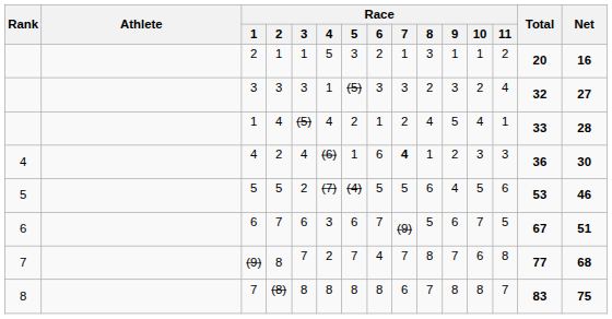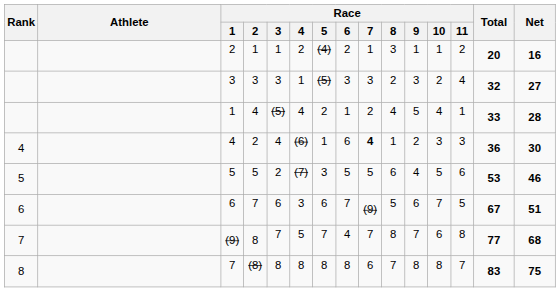 <table | class="wikitable" style="text-align:center">
 <tr>
 <th rowspan="2" width=40>Rank</th>
 <th rowspan="2" width=250>Athlete</th>
 <th colspan="11">Race</th>
 <th rowspan="2" width=50>Total</th>
 <th rowspan="2" width=50>Net</th>
 </tr>
 <tr>
 <th width=25>1</th>
 <th width=25>2</th>
 <th width=25>3</th>
 <th width=25>4</th>
 <th width=25>5</th>
 <th width=25>6</th>
 <th width=25>7</th>
 <th width=25>8</th>
 <th width=25>9</th>
 <th width=25>10</th>
 <th width=25>11</th>
 </tr>
 <tr>
 <td></td>
 <td align=left></td>
 <td>2<br> </td>
 <td>1<br> </td>
 <td>1<br> </td>
-<td>5<br> </td>
-<td>3<br> </td>
+<td>2<br> </td>
+<td><s>(4)</s><br> </td>
 <td>2<br> </td>
 <td>1<br> </td>
 <td>3<br> </td>
 <td>1<br> </td>
 <td>1<br> </td>
 <td>2<br> </td>
 <td><strong>20</strong></td>
 <td><strong>16</strong></td>
 </tr>
 <tr>
 <td></td>
 <td align="left"></td>
 <td>3<br> </td>
 <td>3<br> </td>
 <td>3<br> </td>
 <td>1<br> </td>
 <td><s>(5)</s><br> </td>
 <td>3<br> </td>
 <td>3<br> </td>
 <td>2 <br> </td>
 <td>3<br> </td>
 <td>2<br> </td>
 <td>4<br> </td>
 <td><strong>32</strong></td>
 <td><strong>27</strong></td>
 </tr>
 <tr>
 <td></td>
 <td align="left"></td>
 <td>1<br> </td>
 <td>4<br> </td>
 <td><s>(5)</s><br> </td>
 <td>4<br> </td>
 <td>2<br> </td>
 <td>1<br> </td>
 <td>2<br> </td>
 <td>4<br> </td>
 <td>5<br> </td>
 <td>4<br> </td>
 <td>1<br> </td>
 <td><strong>33</strong></td>
 <td><strong>28</strong></td>
 </tr>
 <tr>
 <td>4</td>
 <td align="left"></td>
 <td>4<br> </td>
 <td>2<br> </td>
 <td>4<br> </td>
 <td><s>(6)</s><br> </td>
 <td>1<br> </td>
 <td>6<br> </td>
 <td><strong>4<br> </strong></td>
 <td>1<br> </td>
 <td>2<br> </td>
 <td>3<br> </td>
 <td>3<br> </td>
 <td><strong>36</strong></td>
 <td><strong>30</strong></td>
 </tr>
 <tr>
 <td>5</td>
 <td align=left></td>
 <td>5<br> </td>
 <td>5<br> </td>
 <td>2<br> </td>
 <td><s>(7)</s><br> </td>
-<td><s>(4)</s><br> </td>
+<td>3<br> </td>
 <td>5<br> </td>
 <td>5<br> </td>
 <td>6<br> </td>
 <td>4<br> </td>
 <td>5<br> </td>
 <td>6<br> </td>
 <td><strong>53</strong></td>
 <td><strong>46</strong></td>
 </tr>
 <tr>
 <td>6</td>
 <td align=left></td>
 <td>6<br> </td>
 <td>7<br> </td>
 <td>6<br> </td>
 <td>3<br> </td>
 <td>6<br> </td>
 <td>7<br> </td>
 <td><s>(9)</s><br></td>
 <td>5<br> </td>
 <td>6<br> </td>
 <td>7<br> </td>
 <td>5<br> </td>
 <td><strong>67</strong></td>
 <td><strong>51</strong></td>
 </tr>
 <tr>
 <td>7</td>
 <td align=left></td>
 <td><s>(9)</s><br></td>
 <td>8<br></td>
 <td>7<br> </td>
-<td>2<br> </td>
+<td>5<br> </td>
 <td>7<br> </td>
 <td>4<br> </td>
 <td>7<br> </td>
 <td>8<br> </td>
 <td>7<br> </td>
 <td>6<br> </td>
 <td>8<br> </td>
 <td><strong>77</strong></td>
 <td><strong>68</strong></td>
 </tr>
 <tr>
 <td>8</td>
 <td align=left></td>
 <td>7<br> </td>
 <td><s>(8)</s><br> </td>
 <td>8<br> </td>
 <td>8<br> </td>
 <td>8<br> </td>
 <td>8<br> </td>
 <td>6<br> </td>
 <td>7<br> </td>
 <td>8<br> </td>
 <td>8<br> </td>
 <td>7<br> </td>
 <td><strong>83</strong></td>
 <td><strong>75</strong></td>
 </tr>
 </table>
